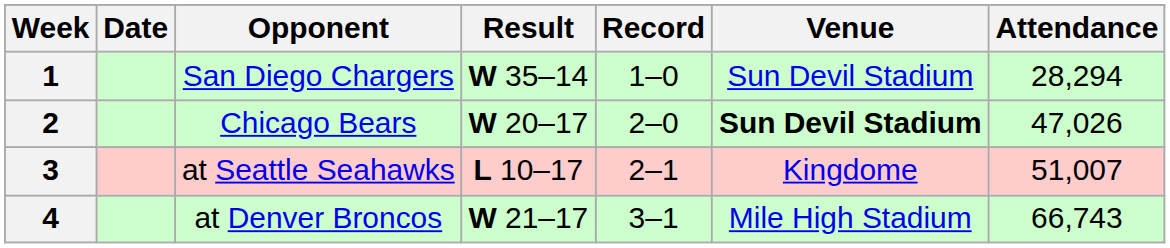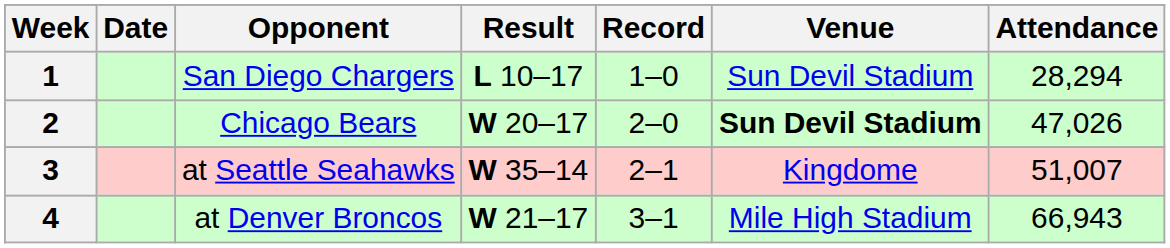 <table class="wikitable" style="text-align:center">
 <tr>
 <th>Week</th>
 <th>Date</th>
 <th>Opponent</th>
 <th>Result</th>
 <th>Record</th>
 <th>Venue</th>
 <th>Attendance</th>
 </tr>
 <tr style="background:#cfc">
 <th>1</th>
 <td></td>
 <td><a href='#'>San Diego Chargers</a></td>
-<td><strong>W</strong> 35–14</td>
+<td><strong>L</strong> 10–17</td>
 <td>1–0</td>
 <td><a href='#'>Sun Devil Stadium</a></td>
 <td>28,294</td>
 </tr>
 <tr style="background:#cfc">
 <th>2</th>
 <td></td>
 <td><a href='#'>Chicago Bears</a></td>
 <td><strong>W</strong> 20–17</td>
 <td>2–0</td>
 <td><strong>Sun Devil Stadium</strong></td>
 <td>47,026</td>
 </tr>
 <tr style="background:#fcc">
 <th>3</th>
 <td></td>
 <td>at <a href='#'>Seattle Seahawks</a></td>
-<td><strong>L</strong> 10–17</td>
+<td><strong>W</strong> 35–14</td>
 <td>2–1</td>
 <td><a href='#'>Kingdome</a></td>
 <td>51,007</td>
 </tr>
 <tr style="background:#cfc">
 <th>4</th>
 <td></td>
 <td>at <a href='#'>Denver Broncos</a></td>
 <td><strong>W</strong> 21–17</td>
 <td>3–1</td>
 <td><a href='#'>Mile High Stadium</a></td>
-<td>66,743</td>
+<td>66,943</td>
 </tr>
 </table>
